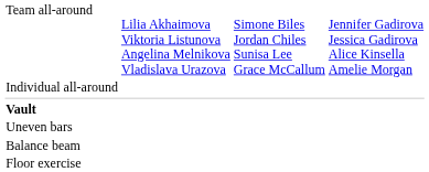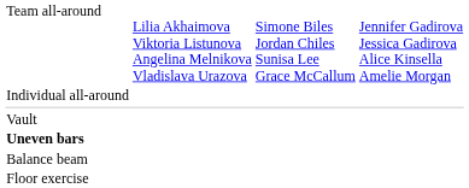 <table>
 <tr valign="top">
 <td>Team all-around<br> </td>
 <td><br><a href='#'>Lilia Akhaimova</a><br><a href='#'>Viktoria Listunova</a><br><a href='#'>Angelina Melnikova</a><br><a href='#'>Vladislava Urazova</a></td>
 <td><br><a href='#'>Simone Biles</a><br><a href='#'>Jordan Chiles</a><br><a href='#'>Sunisa Lee</a><br><a href='#'>Grace McCallum</a></td>
 <td><br><a href='#'>Jennifer Gadirova</a><br><a href='#'>Jessica Gadirova</a><br><a href='#'>Alice Kinsella</a><br><a href='#'>Amelie Morgan</a></td>
 </tr>
 <tr>
 <td>Individual all-around<br></td>
 <td></td>
 <td></td>
 <td></td>
 </tr>
 <tr bgcolor=#DDDDDD>
 <td colspan=7></td>
 </tr>
 <tr>
-<td><strong>Vault<br></strong></td>
+<td>Vault<br></td>
 <td></td>
 <td></td>
 <td></td>
 </tr>
 <tr>
-<td>Uneven bars<br></td>
+<td><strong>Uneven bars<br></strong></td>
 <td></td>
 <td></td>
 <td></td>
 </tr>
 <tr>
 <td>Balance beam<br></td>
 <td></td>
 <td></td>
 <td></td>
 </tr>
 <tr valign="top">
 <td rowspan=2>Floor exercise<br></td>
 <td rowspan=2></td>
 <td rowspan=2></td>
 <td></td>
 </tr>
 <tr>
 <td></td>
 </tr>
 </table>
